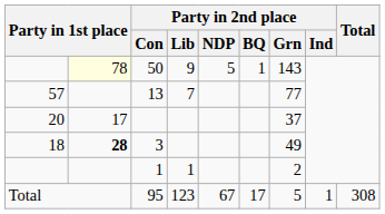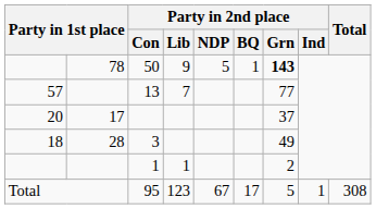 <table class="wikitable" style="text-align:right;">
 <tr>
 <th rowspan="2" colspan="2" style="text-align:left;">Party in 1st place</th>
 <th colspan="6">Party in 2nd place</th>
 <th rowspan="2">Total</th>
 </tr>
 <tr>
 <th>Con</th>
 <th>Lib</th>
 <th>NDP</th>
 <th>BQ</th>
 <th>Grn</th>
 <th>Ind</th>
 </tr>
 <tr>
 <td></td>
-<td style="background: lightyellow;">78</td>
+<td>78</td>
 <td>50</td>
 <td>9</td>
 <td>5</td>
 <td>1</td>
-<td>143</td>
+<td><strong>143</strong></td>
 </tr>
 <tr>
 <td>57</td>
 <td></td>
 <td>13</td>
 <td>7</td>
 <td></td>
 <td></td>
 <td>77</td>
 </tr>
 <tr>
 <td>20</td>
 <td>17</td>
 <td></td>
 <td></td>
 <td></td>
 <td></td>
 <td>37</td>
 </tr>
 <tr>
 <td>18</td>
-<td><strong>28</strong></td>
+<td>28</td>
 <td>3</td>
 <td></td>
 <td></td>
 <td></td>
 <td>49</td>
 </tr>
 <tr>
 <td></td>
 <td></td>
 <td>1</td>
 <td>1</td>
 <td></td>
 <td></td>
 <td>2</td>
 </tr>
 <tr>
 <td colspan="2" style="text-align:left;">Total</td>
 <td>95</td>
 <td>123</td>
 <td>67</td>
 <td>17</td>
 <td>5</td>
 <td>1</td>
 <td>308</td>
 </tr>
 </table>
